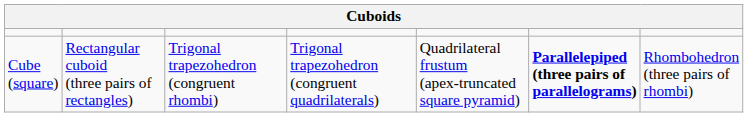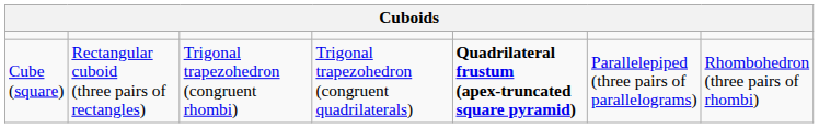 <table class="wikitable" width=770>
 <tr>
 <th colspan=7>Cuboids</th>
 </tr>
 <tr align=center>
 <td></td>
 <td></td>
 <td></td>
 <td></td>
 <td></td>
 <td></td>
 <td></td>
 </tr>
 <tr>
 <td><a href='#'>Cube</a><br>(<a href='#'>square</a>)</td>
 <td><a href='#'>Rectangular cuboid</a><br>(three pairs of<br><a href='#'>rectangles</a>)</td>
 <td><a href='#'>Trigonal trapezohedron</a><br>(congruent <a href='#'>rhombi</a>)</td>
 <td><a href='#'>Trigonal trapezohedron</a><br>(congruent <a href='#'>quadrilaterals</a>)</td>
-<td>Quadrilateral <a href='#'>frustum</a><br>(apex-truncated<br><a href='#'>square pyramid</a>)</td>
-<td><strong><a href='#'>Parallelepiped</a><br>(three pairs of<br><a href='#'>parallelograms</a>)</strong></td>
+<td><strong>Quadrilateral <a href='#'>frustum</a><br>(apex-truncated<br><a href='#'>square pyramid</a>)</strong></td>
+<td><a href='#'>Parallelepiped</a><br>(three pairs of<br><a href='#'>parallelograms</a>)</td>
 <td><a href='#'>Rhombohedron</a><br>(three pairs of<br><a href='#'>rhombi</a>)</td>
 </tr>
 </table>
